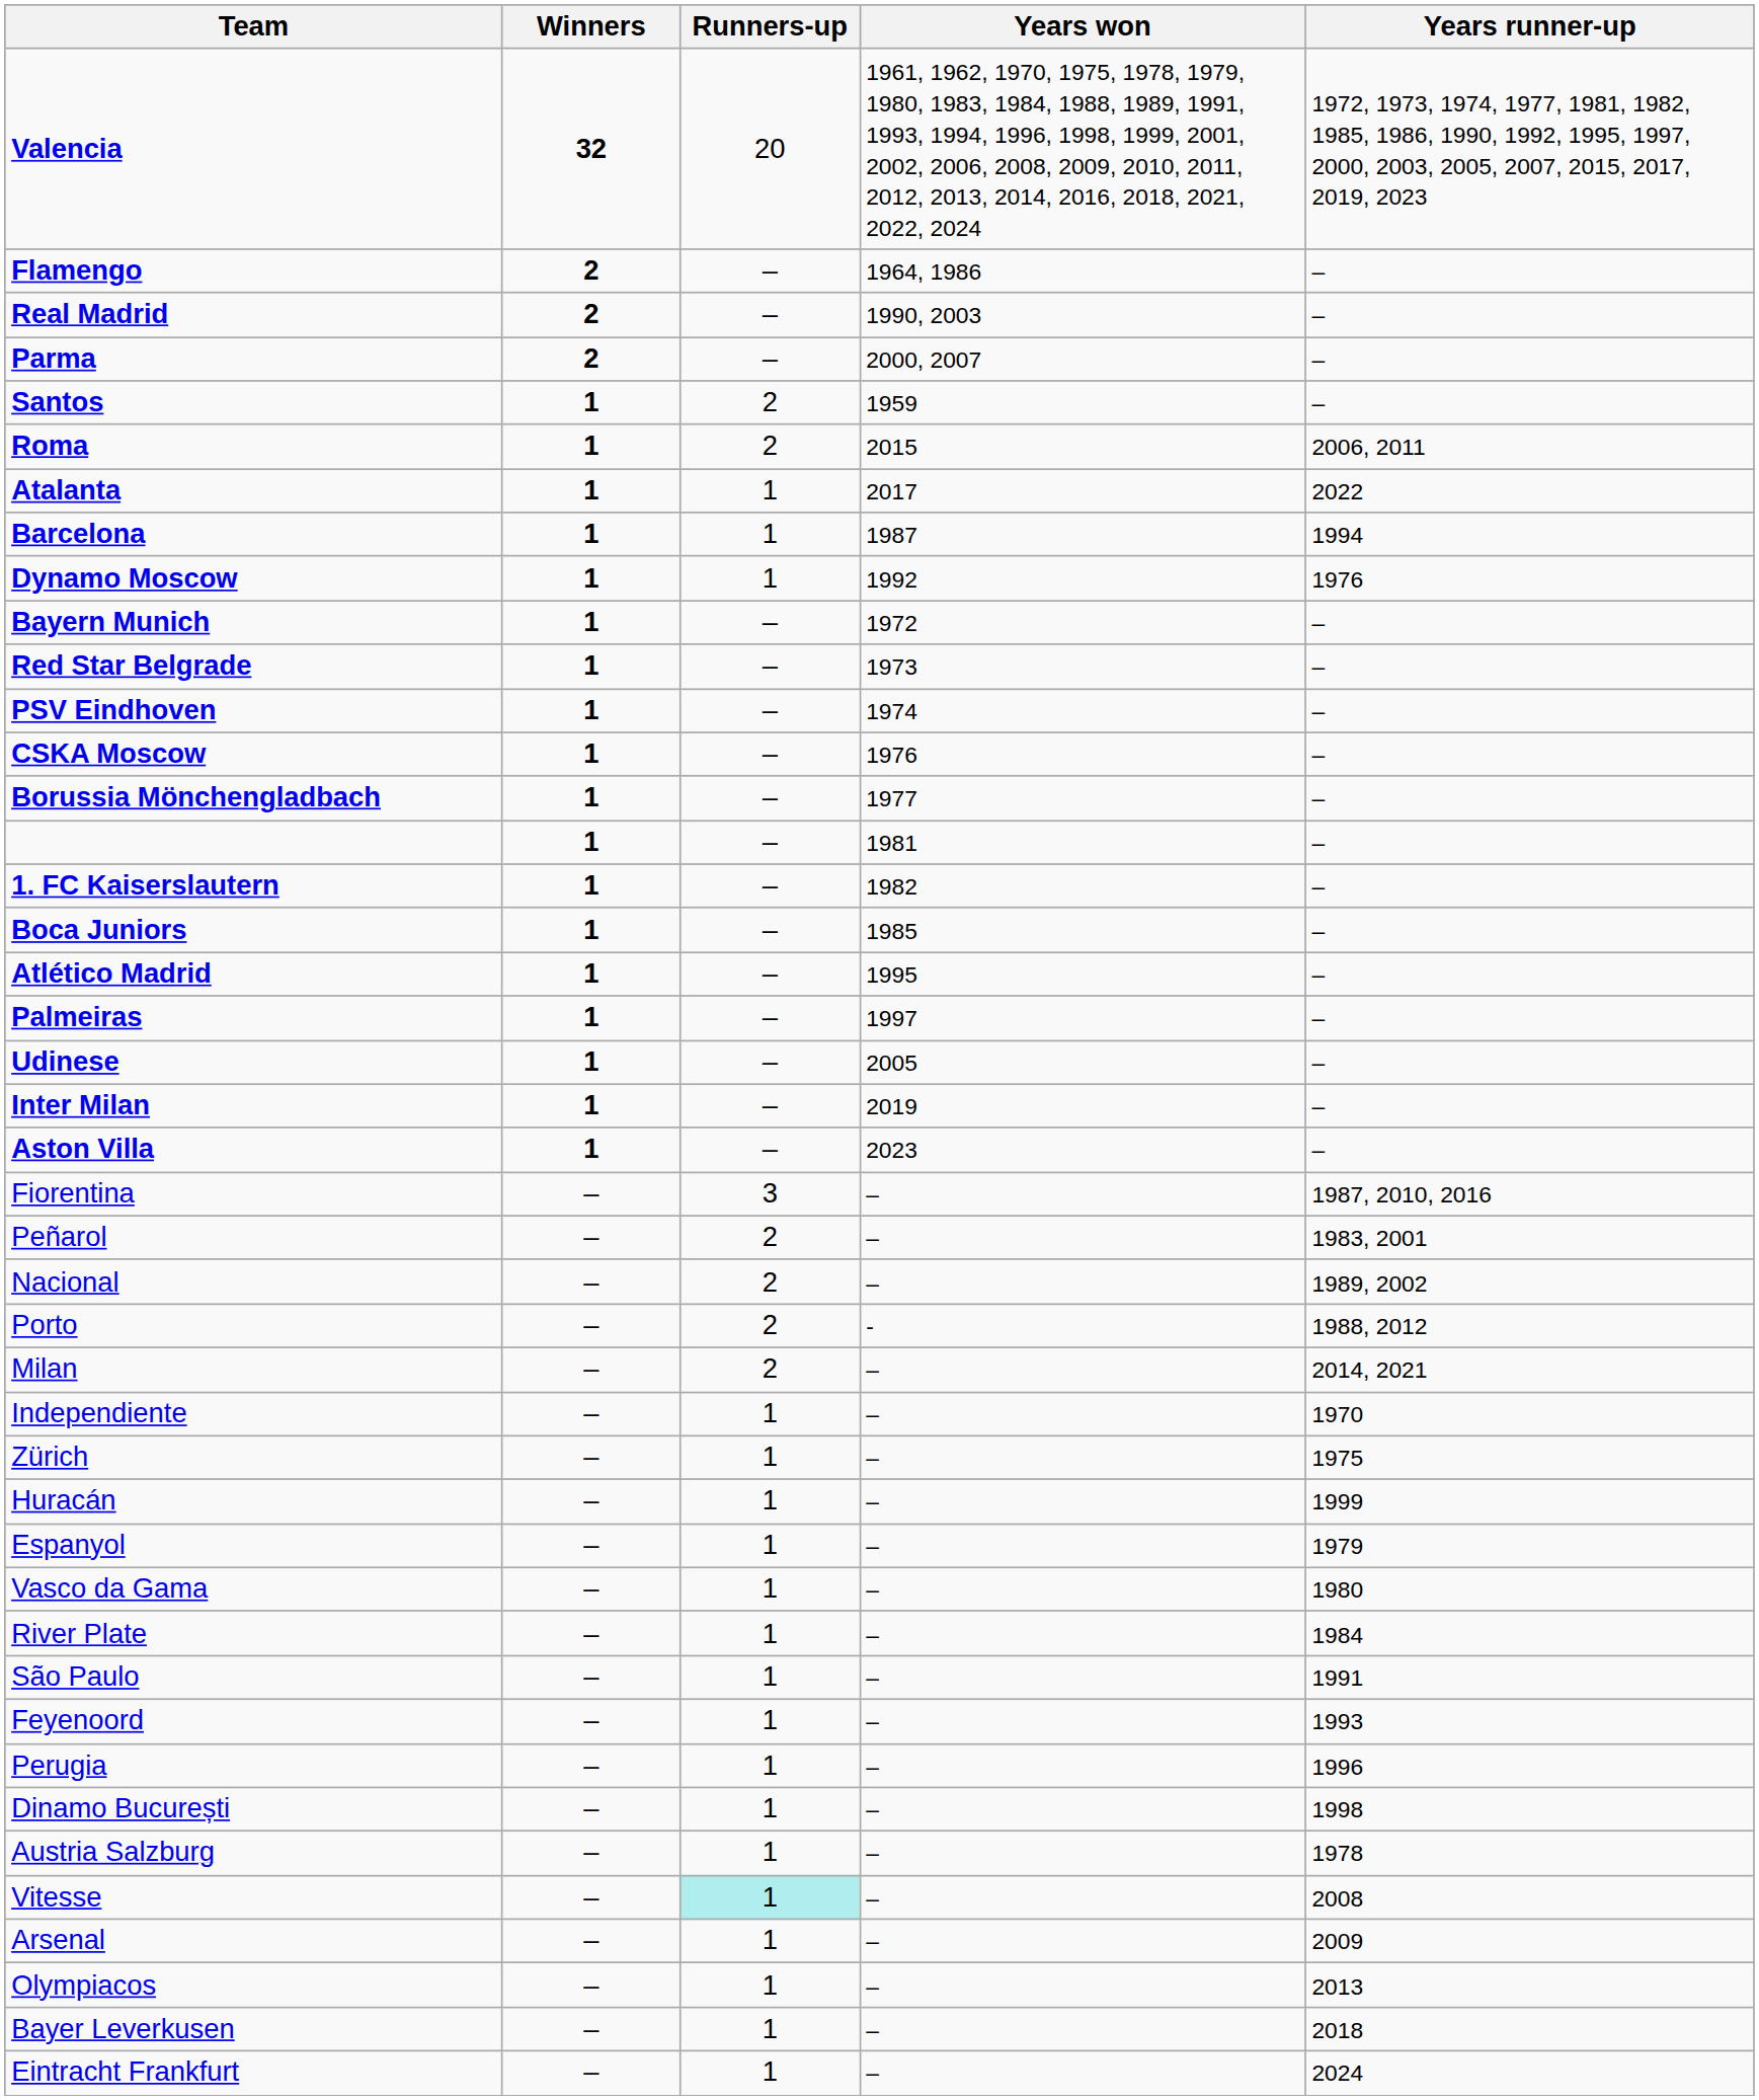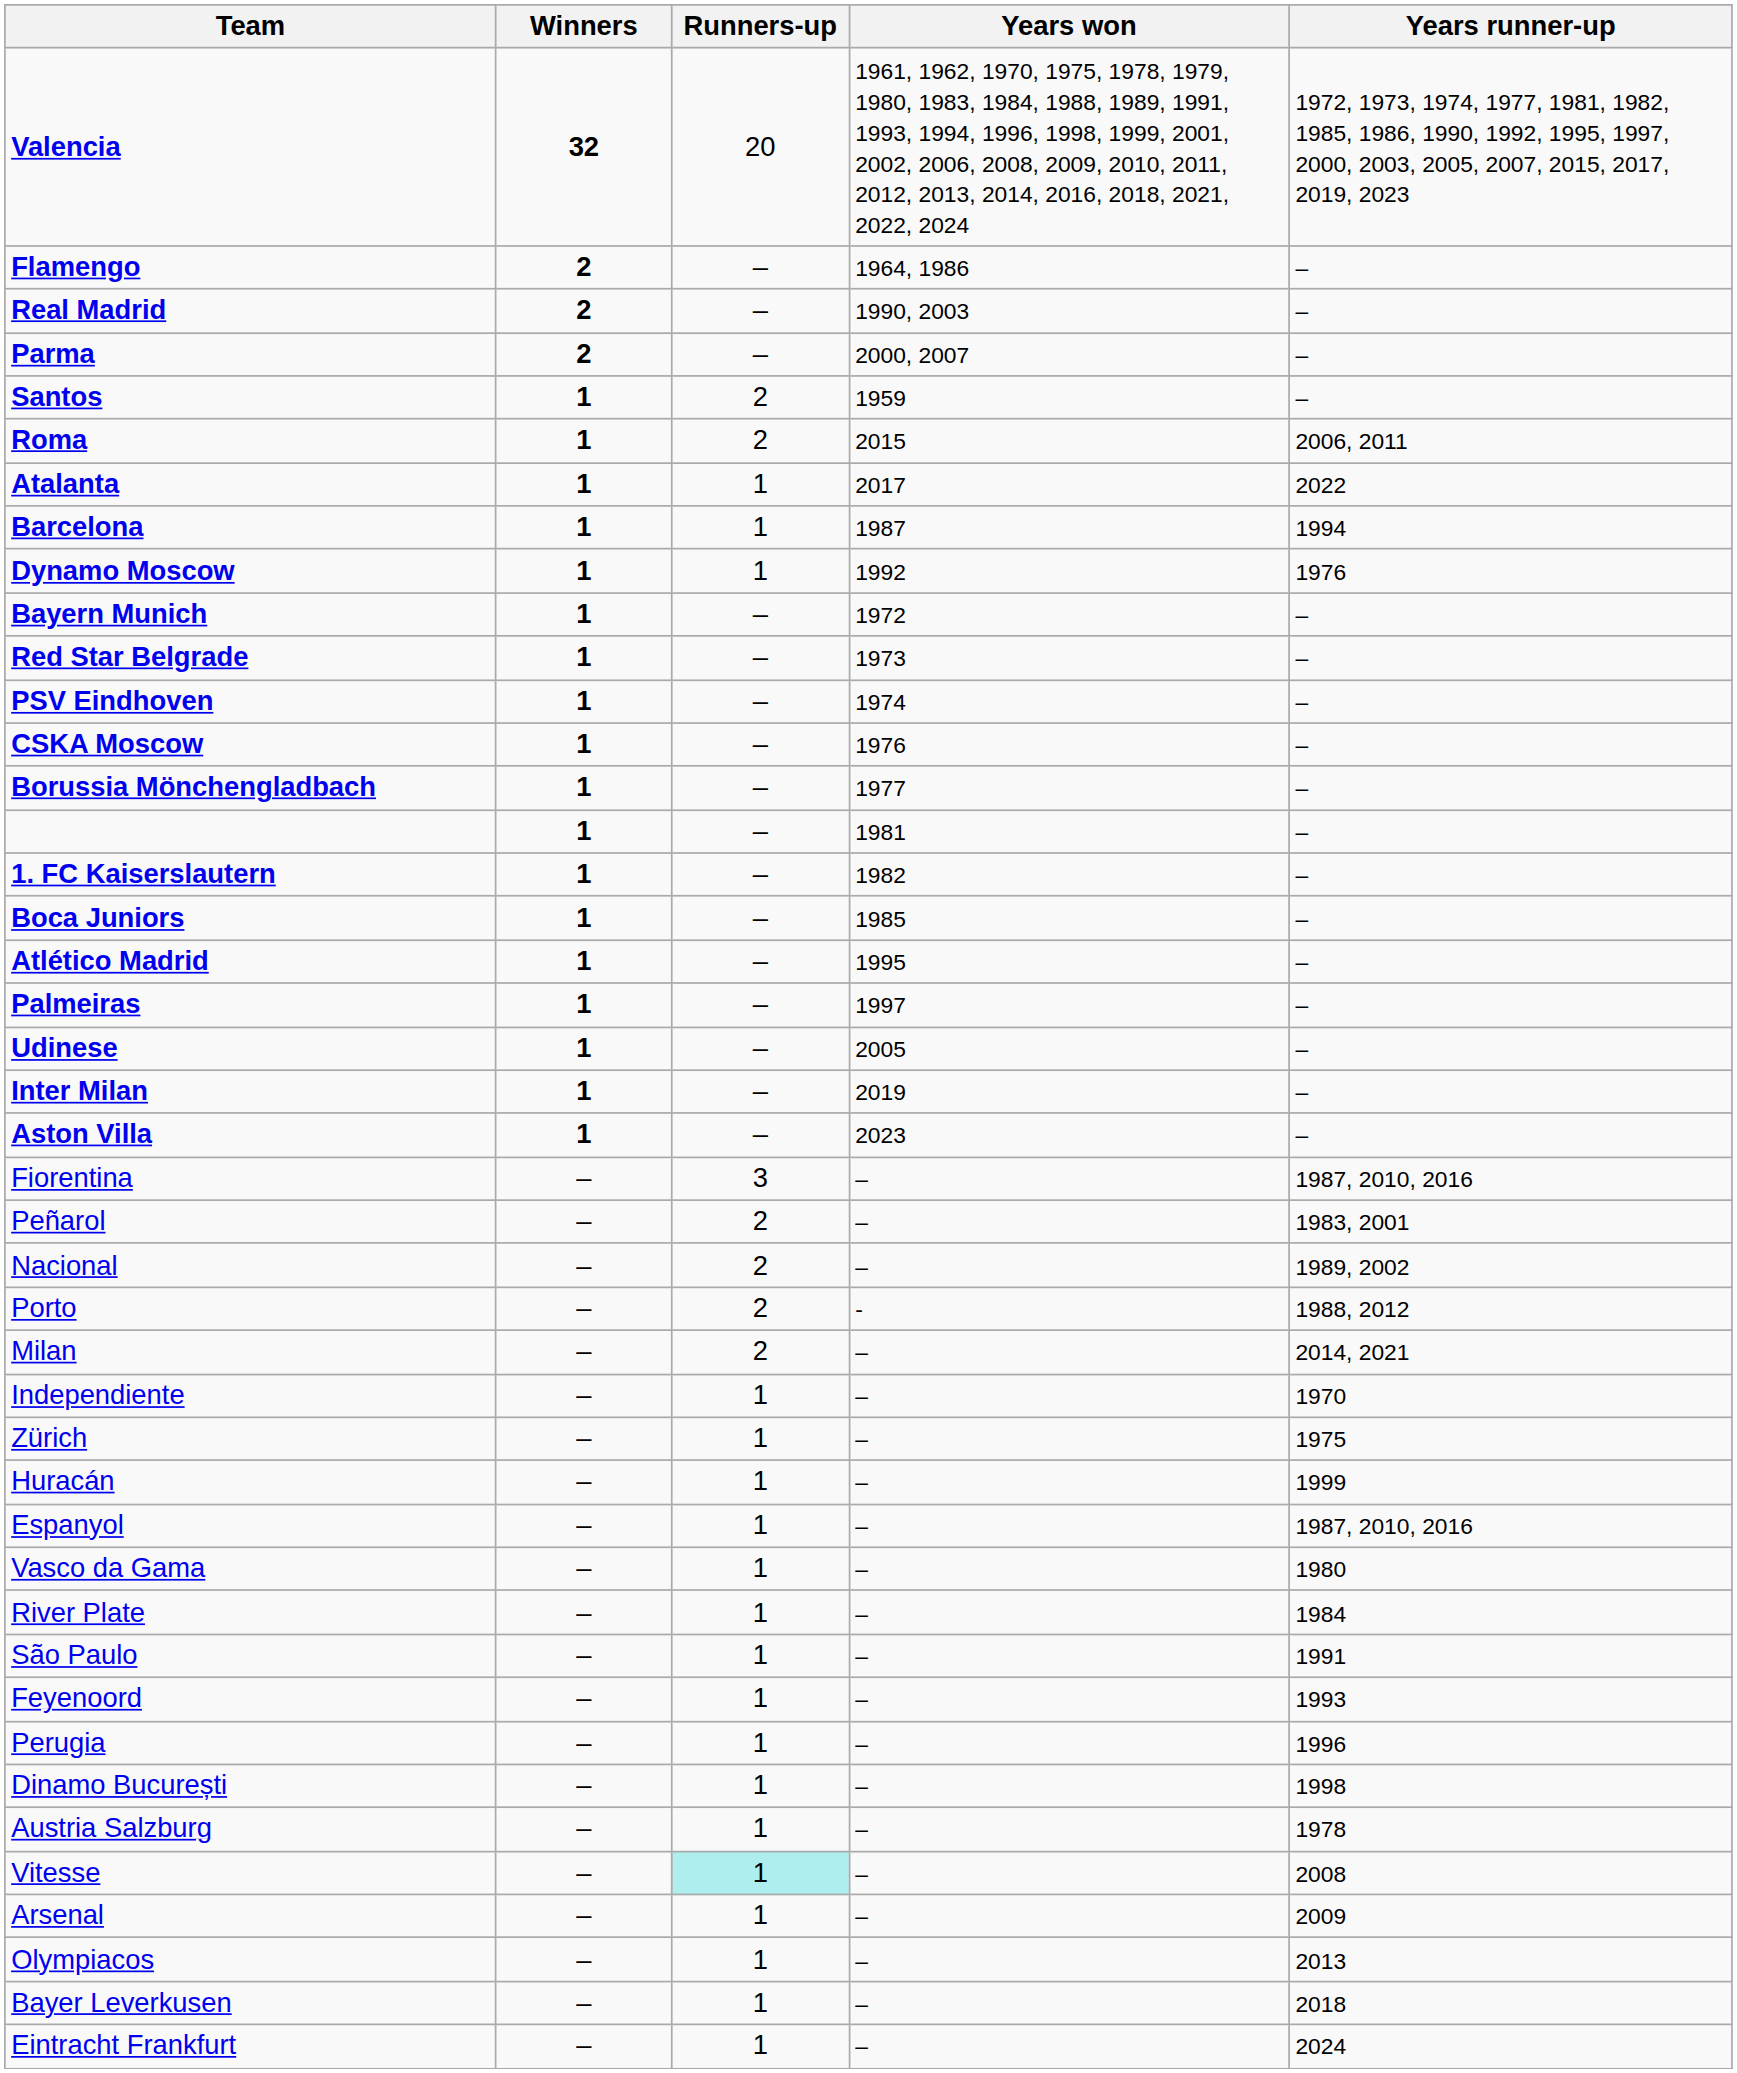 <table class="wikitable" style="width:80%;">
 <tr bgcolor=C2D2E5>
 <th width=300px>Team</th>
 <th width=100px>Winners</th>
 <th width=100px>Runners-up</th>
 <th width=280px>Years won</th>
 <th width=280px>Years runner-up</th>
 </tr>
 <tr>
 <td align=left> <strong><a href='#'>Valencia</a></strong></td>
 <td style="text-align:center;"><strong>32</strong></td>
 <td style="text-align:center;">20</td>
 <td><small>1961, 1962, 1970, 1975, 1978, 1979, 1980, 1983, 1984, 1988, 1989, 1991, 1993, 1994, 1996, 1998, 1999, 2001, 2002, 2006, 2008, 2009, 2010, 2011, 2012, 2013, 2014, 2016, 2018, 2021, 2022, 2024</small></td>
 <td><small>1972, 1973, 1974, 1977, 1981, 1982, 1985, 1986, 1990, 1992, 1995, 1997, 2000, 2003, 2005, 2007, 2015, 2017, 2019, 2023</small></td>
 </tr>
 <tr>
 <td align=left> <strong><a href='#'>Flamengo</a></strong></td>
 <td style="text-align:center;"><strong>2</strong></td>
 <td style="text-align:center;">–</td>
 <td><small>1964, 1986</small></td>
 <td><small>–</small></td>
 </tr>
 <tr>
 <td align=left> <strong><a href='#'>Real Madrid</a></strong></td>
 <td style="text-align:center;"><strong>2</strong></td>
 <td style="text-align:center;">–</td>
 <td><small>1990, 2003</small></td>
 <td><small>–</small></td>
 </tr>
 <tr>
 <td align=left> <strong><a href='#'>Parma</a></strong></td>
 <td style="text-align:center;"><strong>2</strong></td>
 <td style="text-align:center;">–</td>
 <td><small>2000, 2007</small></td>
 <td><small>–</small></td>
 </tr>
 <tr>
 <td align=left> <strong><a href='#'>Santos</a></strong></td>
 <td style="text-align:center;"><strong>1</strong></td>
 <td style="text-align:center;">2</td>
 <td><small>1959</small></td>
 <td><small>–</small></td>
 </tr>
 <tr>
 <td align="left"> <strong><a href='#'>Roma</a></strong></td>
 <td style="text-align:center;"><strong>1</strong></td>
 <td style="text-align:center;">2</td>
 <td><small>2015</small></td>
 <td><small>2006, 2011</small></td>
 </tr>
 <tr>
 <td align="left"> <strong><a href='#'>Atalanta</a></strong></td>
 <td style="text-align:center;"><strong>1</strong></td>
 <td style="text-align:center;">1</td>
 <td><small>2017</small></td>
 <td><small>2022</small></td>
 </tr>
 <tr>
 <td align="left"> <strong><a href='#'>Barcelona</a></strong></td>
 <td style="text-align:center;"><strong>1</strong></td>
 <td style="text-align:center;">1</td>
 <td><small>1987</small></td>
 <td><small>1994</small></td>
 </tr>
 <tr>
 <td align="left"> <strong><a href='#'>Dynamo Moscow</a></strong></td>
 <td style="text-align:center;"><strong>1</strong></td>
 <td style="text-align:center;">1</td>
 <td><small>1992</small></td>
 <td><small>1976</small></td>
 </tr>
 <tr>
 <td align="left"> <strong><a href='#'>Bayern Munich</a></strong></td>
 <td style="text-align:center;"><strong>1</strong></td>
 <td style="text-align:center;">–</td>
 <td><small>1972</small></td>
 <td><small>–</small></td>
 </tr>
 <tr>
 <td align="left"> <strong><a href='#'>Red Star Belgrade</a></strong></td>
 <td style="text-align:center;"><strong>1</strong></td>
 <td style="text-align:center;">–</td>
 <td><small>1973</small></td>
 <td><small>–</small></td>
 </tr>
 <tr>
 <td align=left> <strong><a href='#'>PSV Eindhoven</a></strong></td>
 <td style="text-align:center;"><strong>1</strong></td>
 <td style="text-align:center;">–</td>
 <td><small>1974</small></td>
 <td><small>–</small></td>
 </tr>
 <tr>
 <td align=left> <strong><a href='#'>CSKA Moscow</a></strong></td>
 <td style="text-align:center;"><strong>1</strong></td>
 <td style="text-align:center;">–</td>
 <td><small>1976</small></td>
 <td><small>–</small></td>
 </tr>
 <tr>
 <td align=left> <strong><a href='#'>Borussia Mönchengladbach</a></strong></td>
 <td style="text-align:center;"><strong>1</strong></td>
 <td style="text-align:center;">–</td>
 <td><small>1977</small></td>
 <td><small>–</small></td>
 </tr>
 <tr>
 <td align=left><strong></strong></td>
 <td style="text-align:center;"><strong>1</strong></td>
 <td style="text-align:center;">–</td>
 <td><small>1981</small></td>
 <td><small>–</small></td>
 </tr>
 <tr>
 <td align=left> <strong><a href='#'>1. FC Kaiserslautern</a></strong></td>
 <td style="text-align:center;"><strong>1</strong></td>
 <td style="text-align:center;">–</td>
 <td><small>1982</small></td>
 <td><small>–</small></td>
 </tr>
 <tr>
 <td align=left> <strong><a href='#'>Boca Juniors</a></strong></td>
 <td style="text-align:center;"><strong>1</strong></td>
 <td style="text-align:center;">–</td>
 <td><small>1985</small></td>
 <td><small>–</small></td>
 </tr>
 <tr>
 <td align="left"> <strong><a href='#'>Atlético Madrid</a></strong></td>
 <td style="text-align:center;"><strong>1</strong></td>
 <td style="text-align:center;">–</td>
 <td><small>1995</small></td>
 <td><small>–</small></td>
 </tr>
 <tr>
 <td align="left"> <strong><a href='#'>Palmeiras</a></strong></td>
 <td style="text-align:center;"><strong>1</strong></td>
 <td style="text-align:center;">–</td>
 <td><small>1997</small></td>
 <td><small>–</small></td>
 </tr>
 <tr>
 <td align="left"> <strong><a href='#'>Udinese</a></strong></td>
 <td style="text-align:center;"><strong>1</strong></td>
 <td style="text-align:center;">–</td>
 <td><small>2005</small></td>
 <td><small>–</small></td>
 </tr>
 <tr>
 <td align="left"> <strong><a href='#'>Inter Milan</a></strong></td>
 <td style="text-align:center;"><strong>1</strong></td>
 <td style="text-align:center;">–</td>
 <td><small>2019</small></td>
 <td><small>–</small></td>
 </tr>
 <tr>
 <td> <strong><a href='#'>Aston Villa</a></strong></td>
 <td style="text-align:center;"><strong>1</strong></td>
 <td style="text-align:center;">–</td>
 <td><small>2023</small></td>
 <td><small>–</small></td>
 </tr>
 <tr>
 <td align="left"> <a href='#'>Fiorentina</a></td>
 <td style="text-align:center;">–</td>
 <td style="text-align:center;">3</td>
 <td><small>–</small></td>
 <td><small>1987, 2010, 2016</small></td>
 </tr>
 <tr>
 <td align="left"> <a href='#'>Peñarol</a></td>
 <td style="text-align:center;">–</td>
 <td style="text-align:center;">2</td>
 <td><small>–</small></td>
 <td><small>1983, 2001</small></td>
 </tr>
 <tr>
 <td align=left> <a href='#'>Nacional</a></td>
 <td style="text-align:center;">–</td>
 <td style="text-align:center;">2</td>
 <td><small>–</small></td>
 <td><small>1989, 2002</small></td>
 </tr>
 <tr>
 <td align=left> <a href='#'>Porto</a></td>
 <td style="text-align:center;">–</td>
 <td style="text-align:center;">2</td>
 <td><small>- </small></td>
 <td><small>1988, 2012</small></td>
 </tr>
 <tr>
 <td align="left"> <a href='#'>Milan</a></td>
 <td style="text-align:center;">–</td>
 <td style="text-align:center;">2</td>
 <td><small>–</small></td>
 <td><small>2014, 2021</small></td>
 </tr>
 <tr>
 <td align=left> <a href='#'>Independiente</a></td>
 <td style="text-align:center;">–</td>
 <td style="text-align:center;">1</td>
 <td><small>–</small></td>
 <td><small>1970</small></td>
 </tr>
 <tr>
 <td align=left> <a href='#'>Zürich</a></td>
 <td style="text-align:center;">–</td>
 <td style="text-align:center;">1</td>
 <td><small>–</small></td>
 <td><small>1975</small></td>
 </tr>
 <tr>
 <td align=left> <a href='#'>Huracán</a></td>
 <td style="text-align:center;">–</td>
 <td style="text-align:center;">1</td>
 <td><small>–</small></td>
 <td><small>1999</small></td>
 </tr>
 <tr>
 <td align=left> <a href='#'>Espanyol</a></td>
 <td style="text-align:center;">–</td>
 <td style="text-align:center;">1</td>
 <td><small>–</small></td>
-<td><small>1979</small></td>
+<td><small>1987, 2010, 2016</small></td>
 </tr>
 <tr>
 <td align=left> <a href='#'>Vasco da Gama</a></td>
 <td style="text-align:center;">–</td>
 <td style="text-align:center;">1</td>
 <td><small>–</small></td>
 <td><small>1980</small></td>
 </tr>
 <tr>
 <td align=left> <a href='#'>River Plate</a></td>
 <td style="text-align:center;">–</td>
 <td style="text-align:center;">1</td>
 <td><small>–</small></td>
 <td><small>1984</small></td>
 </tr>
 <tr>
 <td align=left> <a href='#'>São Paulo</a></td>
 <td style="text-align:center;">–</td>
 <td style="text-align:center;">1</td>
 <td><small>–</small></td>
 <td><small>1991</small></td>
 </tr>
 <tr>
 <td align=left> <a href='#'>Feyenoord</a></td>
 <td style="text-align:center;">–</td>
 <td style="text-align:center;">1</td>
 <td><small>–</small></td>
 <td><small>1993</small></td>
 </tr>
 <tr>
 <td align=left> <a href='#'>Perugia</a></td>
 <td style="text-align:center;">–</td>
 <td style="text-align:center;">1</td>
 <td><small>–</small></td>
 <td><small>1996</small></td>
 </tr>
 <tr>
 <td align=left> <a href='#'>Dinamo București</a></td>
 <td style="text-align:center;">–</td>
 <td style="text-align:center;">1</td>
 <td><small>–</small></td>
 <td><small>1998</small></td>
 </tr>
 <tr>
 <td align=left> <a href='#'>Austria Salzburg</a></td>
 <td style="text-align:center;">–</td>
 <td style="text-align:center;">1</td>
 <td><small>–</small></td>
 <td><small>1978</small></td>
 </tr>
 <tr>
 <td align=left> <a href='#'>Vitesse</a></td>
 <td style="text-align:center;">–</td>
 <td style="background: paleturquoise; text-align:center;">1</td>
 <td><small>–</small></td>
 <td><small>2008</small></td>
 </tr>
 <tr>
 <td align=left> <a href='#'>Arsenal</a></td>
 <td style="text-align:center;">–</td>
 <td style="text-align:center;">1</td>
 <td><small>–</small></td>
 <td><small>2009</small></td>
 </tr>
 <tr>
 <td align=left> <a href='#'>Olympiacos</a></td>
 <td style="text-align:center;">–</td>
 <td style="text-align:center;">1</td>
 <td><small>–</small></td>
 <td><small>2013</small></td>
 </tr>
 <tr>
 <td align=left> <a href='#'>Bayer Leverkusen</a></td>
 <td style="text-align:center;">–</td>
 <td style="text-align:center;">1</td>
 <td><small>–</small></td>
 <td><small>2018</small></td>
 </tr>
 <tr>
 <td align=left> <a href='#'>Eintracht Frankfurt</a></td>
 <td style="text-align:center;">–</td>
 <td style="text-align:center;">1</td>
 <td><small>–</small></td>
 <td><small>2024</small></td>
 </tr>
 </table>
